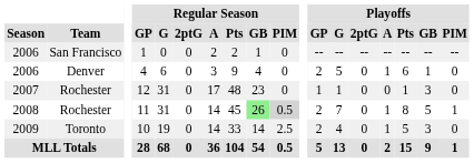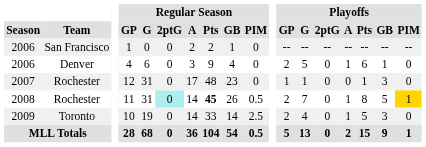 <table BORDER="0" CELLPADDING="3" CELLSPACING="0">
 <tr ALIGN="center" bgcolor="#e0e0e0">
 <th colspan="2" bgcolor="#ffffff"> </th>
 <th rowspan="99" bgcolor="#ffffff"> </th>
 <th colspan="7">Regular Season</th>
 <th rowspan="99" bgcolor="#ffffff"> </th>
 <th colspan="7">Playoffs</th>
 </tr>
 <tr ALIGN="center" bgcolor="#e0e0e0">
 <th>Season</th>
 <th>Team</th>
 <th>GP</th>
 <th>G</th>
 <th>2ptG</th>
 <th>A</th>
 <th>Pts</th>
 <th>GB</th>
 <th>PIM</th>
 <th>GP</th>
 <th>G</th>
 <th>2ptG</th>
 <th>A</th>
 <th>Pts</th>
 <th>GB</th>
 <th>PIM</th>
 </tr>
 <tr ALIGN="center" bgcolor="#f0f0f0">
 <td>2006</td>
 <td>San Francisco</td>
 <td>1</td>
 <td>0</td>
 <td>0</td>
 <td>2</td>
 <td>2</td>
 <td>1</td>
 <td>0</td>
 <td>--</td>
 <td>--</td>
 <td>--</td>
 <td>--</td>
 <td>--</td>
 <td>--</td>
 <td>--</td>
 </tr>
 <tr ALIGN="center">
 <td>2006</td>
 <td>Denver</td>
 <td>4</td>
 <td>6</td>
 <td>0</td>
 <td>3</td>
 <td>9</td>
 <td>4</td>
 <td>0</td>
 <td>2</td>
 <td>5</td>
 <td>0</td>
 <td>1</td>
 <td>6</td>
 <td>1</td>
 <td>0</td>
 </tr>
 <tr ALIGN="center" bgcolor="#f0f0f0">
 <td>2007</td>
 <td>Rochester</td>
 <td>12</td>
 <td>31</td>
 <td>0</td>
 <td>17</td>
 <td>48</td>
 <td>23</td>
 <td>0</td>
 <td>1</td>
 <td>1</td>
 <td>0</td>
 <td>0</td>
 <td>1</td>
 <td>3</td>
 <td>0</td>
 </tr>
 <tr ALIGN="center">
 <td>2008</td>
 <td>Rochester</td>
 <td>11</td>
 <td>31</td>
-<td>0</td>
+<td style="background: paleturquoise;">0</td>
 <td>14</td>
-<td>45</td>
-<td style="background: lightgreen;">26</td>
-<td style="background: lightgrey;">0.5</td>
+<td><strong>45</strong></td>
+<td>26</td>
+<td>0.5</td>
 <td>2</td>
 <td>7</td>
 <td>0</td>
 <td>1</td>
 <td>8</td>
 <td>5</td>
-<td>1</td>
+<td style="background: gold;">1</td>
 </tr>
 <tr ALIGN="center" bgcolor="#f0f0f0">
 <td>2009</td>
 <td>Toronto</td>
 <td>10</td>
 <td>19</td>
 <td>0</td>
 <td>14</td>
 <td>33</td>
 <td>14</td>
 <td>2.5</td>
 <td>2</td>
 <td>4</td>
 <td>0</td>
 <td>1</td>
 <td>5</td>
 <td>3</td>
 <td>0</td>
 </tr>
 <tr ALIGN="center" bgcolor="#e0e0e0">
 <th colspan="2">MLL Totals</th>
 <th>28</th>
 <th>68</th>
 <th>0</th>
 <th>36</th>
 <th>104</th>
 <th>54</th>
 <th>0.5</th>
 <th>5</th>
 <th>13</th>
 <th>0</th>
 <th>2</th>
 <th>15</th>
 <th>9</th>
 <th>1</th>
 </tr>
 </table>
